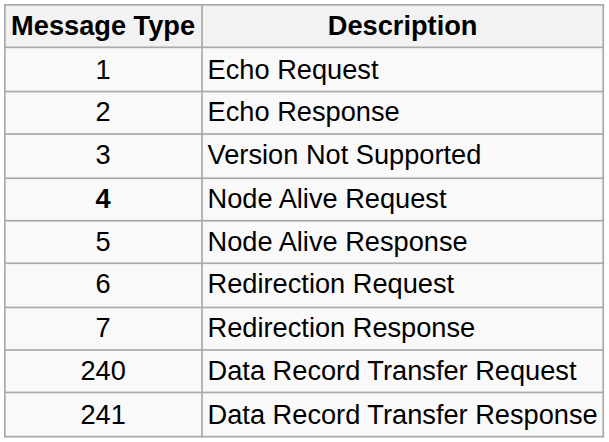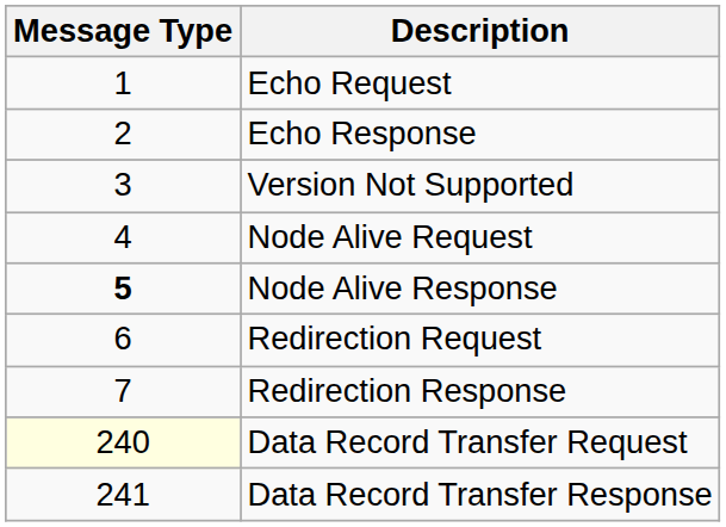 <table class="wikitable">
 <tr>
 <th style="text-align:center">Message Type</th>
 <th>Description</th>
 </tr>
 <tr>
 <td style="text-align:center">1</td>
 <td>Echo Request</td>
 </tr>
 <tr>
 <td style="text-align:center">2</td>
 <td>Echo Response</td>
 </tr>
 <tr>
 <td style="text-align:center">3</td>
 <td>Version Not Supported</td>
 </tr>
 <tr>
-<td style="text-align:center"><strong>4</strong></td>
+<td style="text-align:center">4</td>
 <td>Node Alive Request</td>
 </tr>
 <tr>
-<td style="text-align:center">5</td>
+<td style="text-align:center"><strong>5</strong></td>
 <td>Node Alive Response</td>
 </tr>
 <tr>
 <td style="text-align:center">6</td>
 <td>Redirection Request</td>
 </tr>
 <tr>
 <td style="text-align:center">7</td>
 <td>Redirection Response</td>
 </tr>
 <tr>
-<td style="text-align:center">240</td>
+<td style="background: lightyellow; text-align:center">240</td>
 <td>Data Record Transfer Request</td>
 </tr>
 <tr>
 <td style="text-align:center">241</td>
 <td>Data Record Transfer Response</td>
 </tr>
 </table>
